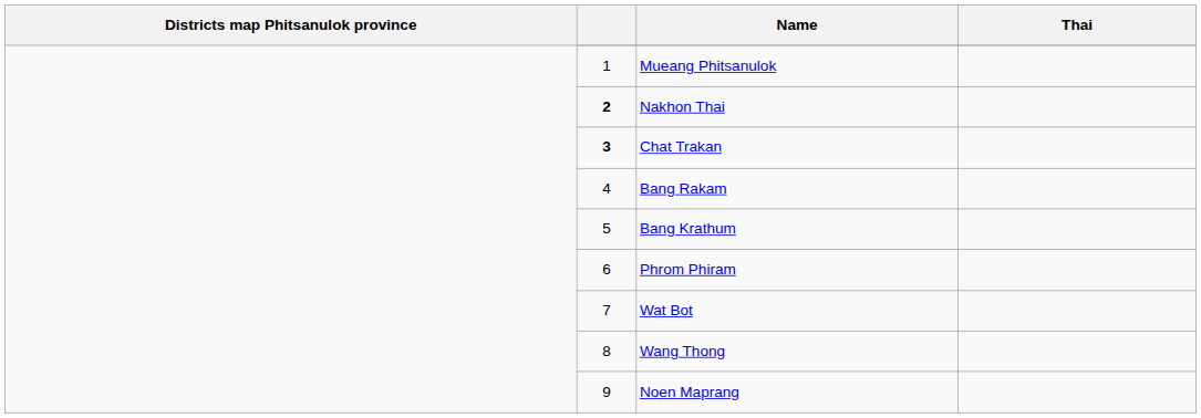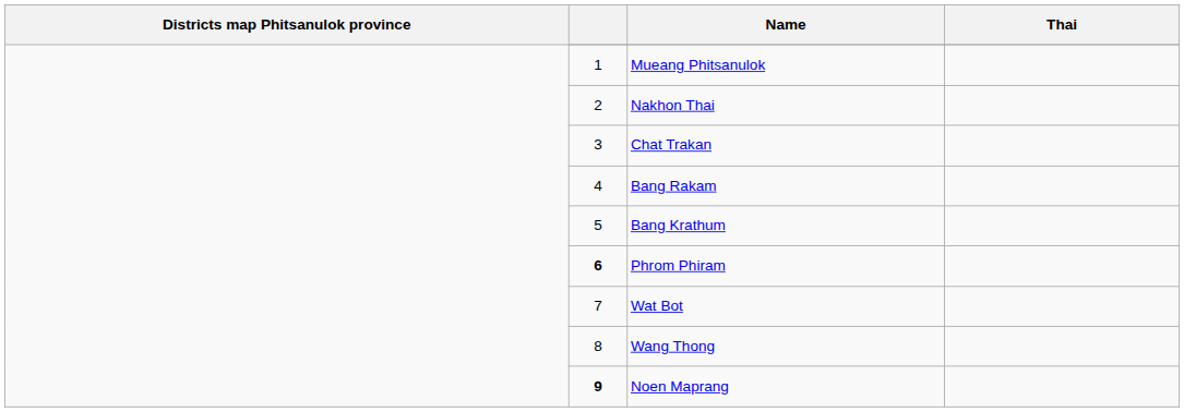 <table class="wikitable" style="width:80%; line-height:2.25em; vertical-align:top;">
 <tr>
 <th scope="col" style="width:48%;">Districts map Phitsanulok province</th>
 <th scope="col" style="width:5%;"> </th>
 <th scope="col" style="width:27%;">Name</th>
 <th scope="col" style="width:20%;">Thai</th>
 </tr>
 <tr>
 <td rowspan=10></td>
 </tr>
 <tr>
 <td style="text-align:center;">1</td>
 <td><div><a href='#'>Mueang Phitsanulok</a></div></td>
 <td><div></div></td>
 </tr>
 <tr>
-<td style="text-align:center;"><strong>2</strong></td>
+<td style="text-align:center;">2</td>
 <td><div><a href='#'>Nakhon Thai</a></div></td>
 <td><div></div></td>
 </tr>
 <tr>
-<td style="text-align:center;"><strong>3</strong></td>
+<td style="text-align:center;">3</td>
 <td><div><a href='#'>Chat Trakan</a></div></td>
 <td><div></div></td>
 </tr>
 <tr>
 <td style="text-align:center;">4</td>
 <td><div><a href='#'>Bang Rakam</a></div></td>
 <td><div></div></td>
 </tr>
 <tr>
 <td style="text-align:center;">5</td>
 <td><div><a href='#'>Bang Krathum</a></div></td>
 <td><div></div></td>
 </tr>
 <tr>
-<td style="text-align:center;">6</td>
+<td style="text-align:center;"><strong>6</strong></td>
 <td><div><a href='#'>Phrom Phiram</a></div></td>
 <td><div></div></td>
 </tr>
 <tr>
 <td style="text-align:center;">7</td>
 <td><div><a href='#'>Wat Bot</a></div></td>
 <td><div></div></td>
 </tr>
 <tr>
 <td style="text-align:center;">8</td>
 <td><div><a href='#'>Wang Thong</a></div></td>
 <td><div></div></td>
 </tr>
 <tr>
-<td style="text-align:center;">9</td>
+<td style="text-align:center;"><strong>9</strong></td>
 <td><div><a href='#'>Noen Maprang</a></div></td>
 <td><div></div></td>
 </tr>
 </table>
